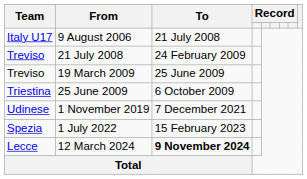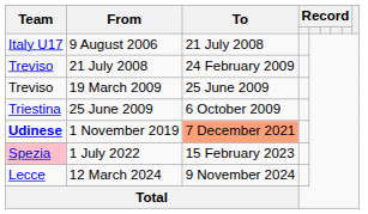 <table class=wikitable style="text-align: center">
 <tr>
 <th rowspan=2>Team</th>
 <th rowspan=2>From</th>
 <th rowspan=2>To</th>
 <th colspan=5>Record</th>
 <th rowspan=2></th>
 </tr>
 <tr>
 <th></th>
 <th></th>
 <th></th>
 <th></th>
 <th></th>
 </tr>
 <tr>
 <td align=left><a href='#'>Italy U17</a></td>
 <td align=left>9 August 2006</td>
 <td align=left>21 July 2008<br></td>
 <td></td>
 </tr>
 <tr>
 <td align=left><a href='#'>Treviso</a></td>
 <td align=left>21 July 2008</td>
 <td align=left>24 February 2009<br></td>
 <td></td>
 </tr>
 <tr>
 <td align=left>Treviso</td>
 <td align=left>19 March 2009</td>
 <td align=left>25 June 2009<br></td>
 <td></td>
 </tr>
 <tr>
 <td align=left><a href='#'>Triestina</a></td>
 <td align=left>25 June 2009</td>
 <td align=left>6 October 2009<br></td>
 <td></td>
 </tr>
 <tr>
-<td align=left><a href='#'>Udinese</a></td>
+<td align=left><strong><a href='#'>Udinese</a></strong></td>
 <td align=left>1 November 2019</td>
-<td align=left>7 December 2021<br></td>
+<td align=left style="background: lightsalmon;">7 December 2021<br></td>
 <td></td>
 </tr>
 <tr>
-<td align=left><a href='#'>Spezia</a></td>
+<td align=left style="background: pink;"><a href='#'>Spezia</a></td>
 <td align=left>1 July 2022</td>
 <td align=left>15 February 2023<br></td>
 <td></td>
 </tr>
 <tr>
 <td align=left><a href='#'>Lecce</a></td>
 <td align=left>12 March 2024</td>
-<td align=left><strong>9 November 2024<br></strong></td>
+<td align=left>9 November 2024<br></td>
 <td></td>
 </tr>
 <tr>
 <th colspan=3>Total<br></th>
 </tr>
 </table>
